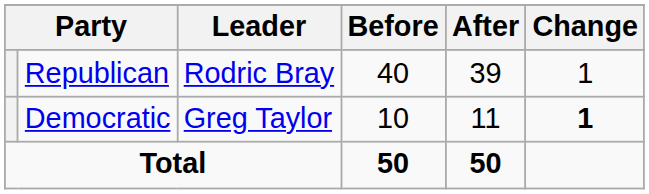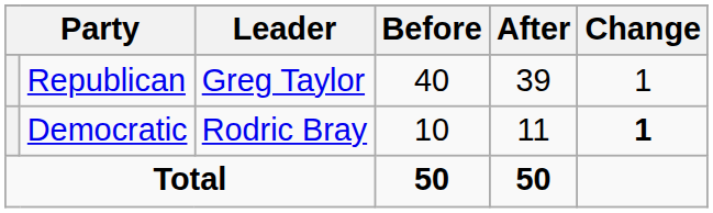 <table class="wikitable" style="text-align:center;">
 <tr>
 </tr>
 <tr>
 <th colspan=2>Party</th>
 <th>Leader</th>
 <th>Before</th>
 <th>After</th>
 <th>Change</th>
 </tr>
 <tr>
 <th style="background-color:"></th>
 <td style="text-align:left;"><a href='#'>Republican</a></td>
-<td style="text-align:left;"><a href='#'>Rodric Bray</a></td>
+<td style="text-align:left;"><a href='#'>Greg Taylor</a></td>
 <td>40</td>
 <td>39</td>
 <td> 1</td>
 </tr>
 <tr>
 <th style="background-color:"></th>
 <td style="text-align:left;"><a href='#'>Democratic</a></td>
-<td style="text-align:left;"><a href='#'>Greg Taylor</a></td>
+<td style="text-align:left;"><a href='#'>Rodric Bray</a></td>
 <td>10</td>
 <td>11</td>
 <td><strong> 1</strong></td>
 </tr>
 <tr>
 <td colspan=3><strong>Total</strong></td>
 <td><strong>50</strong></td>
 <td><strong>50</strong></td>
 <td></td>
 </tr>
 </table>
